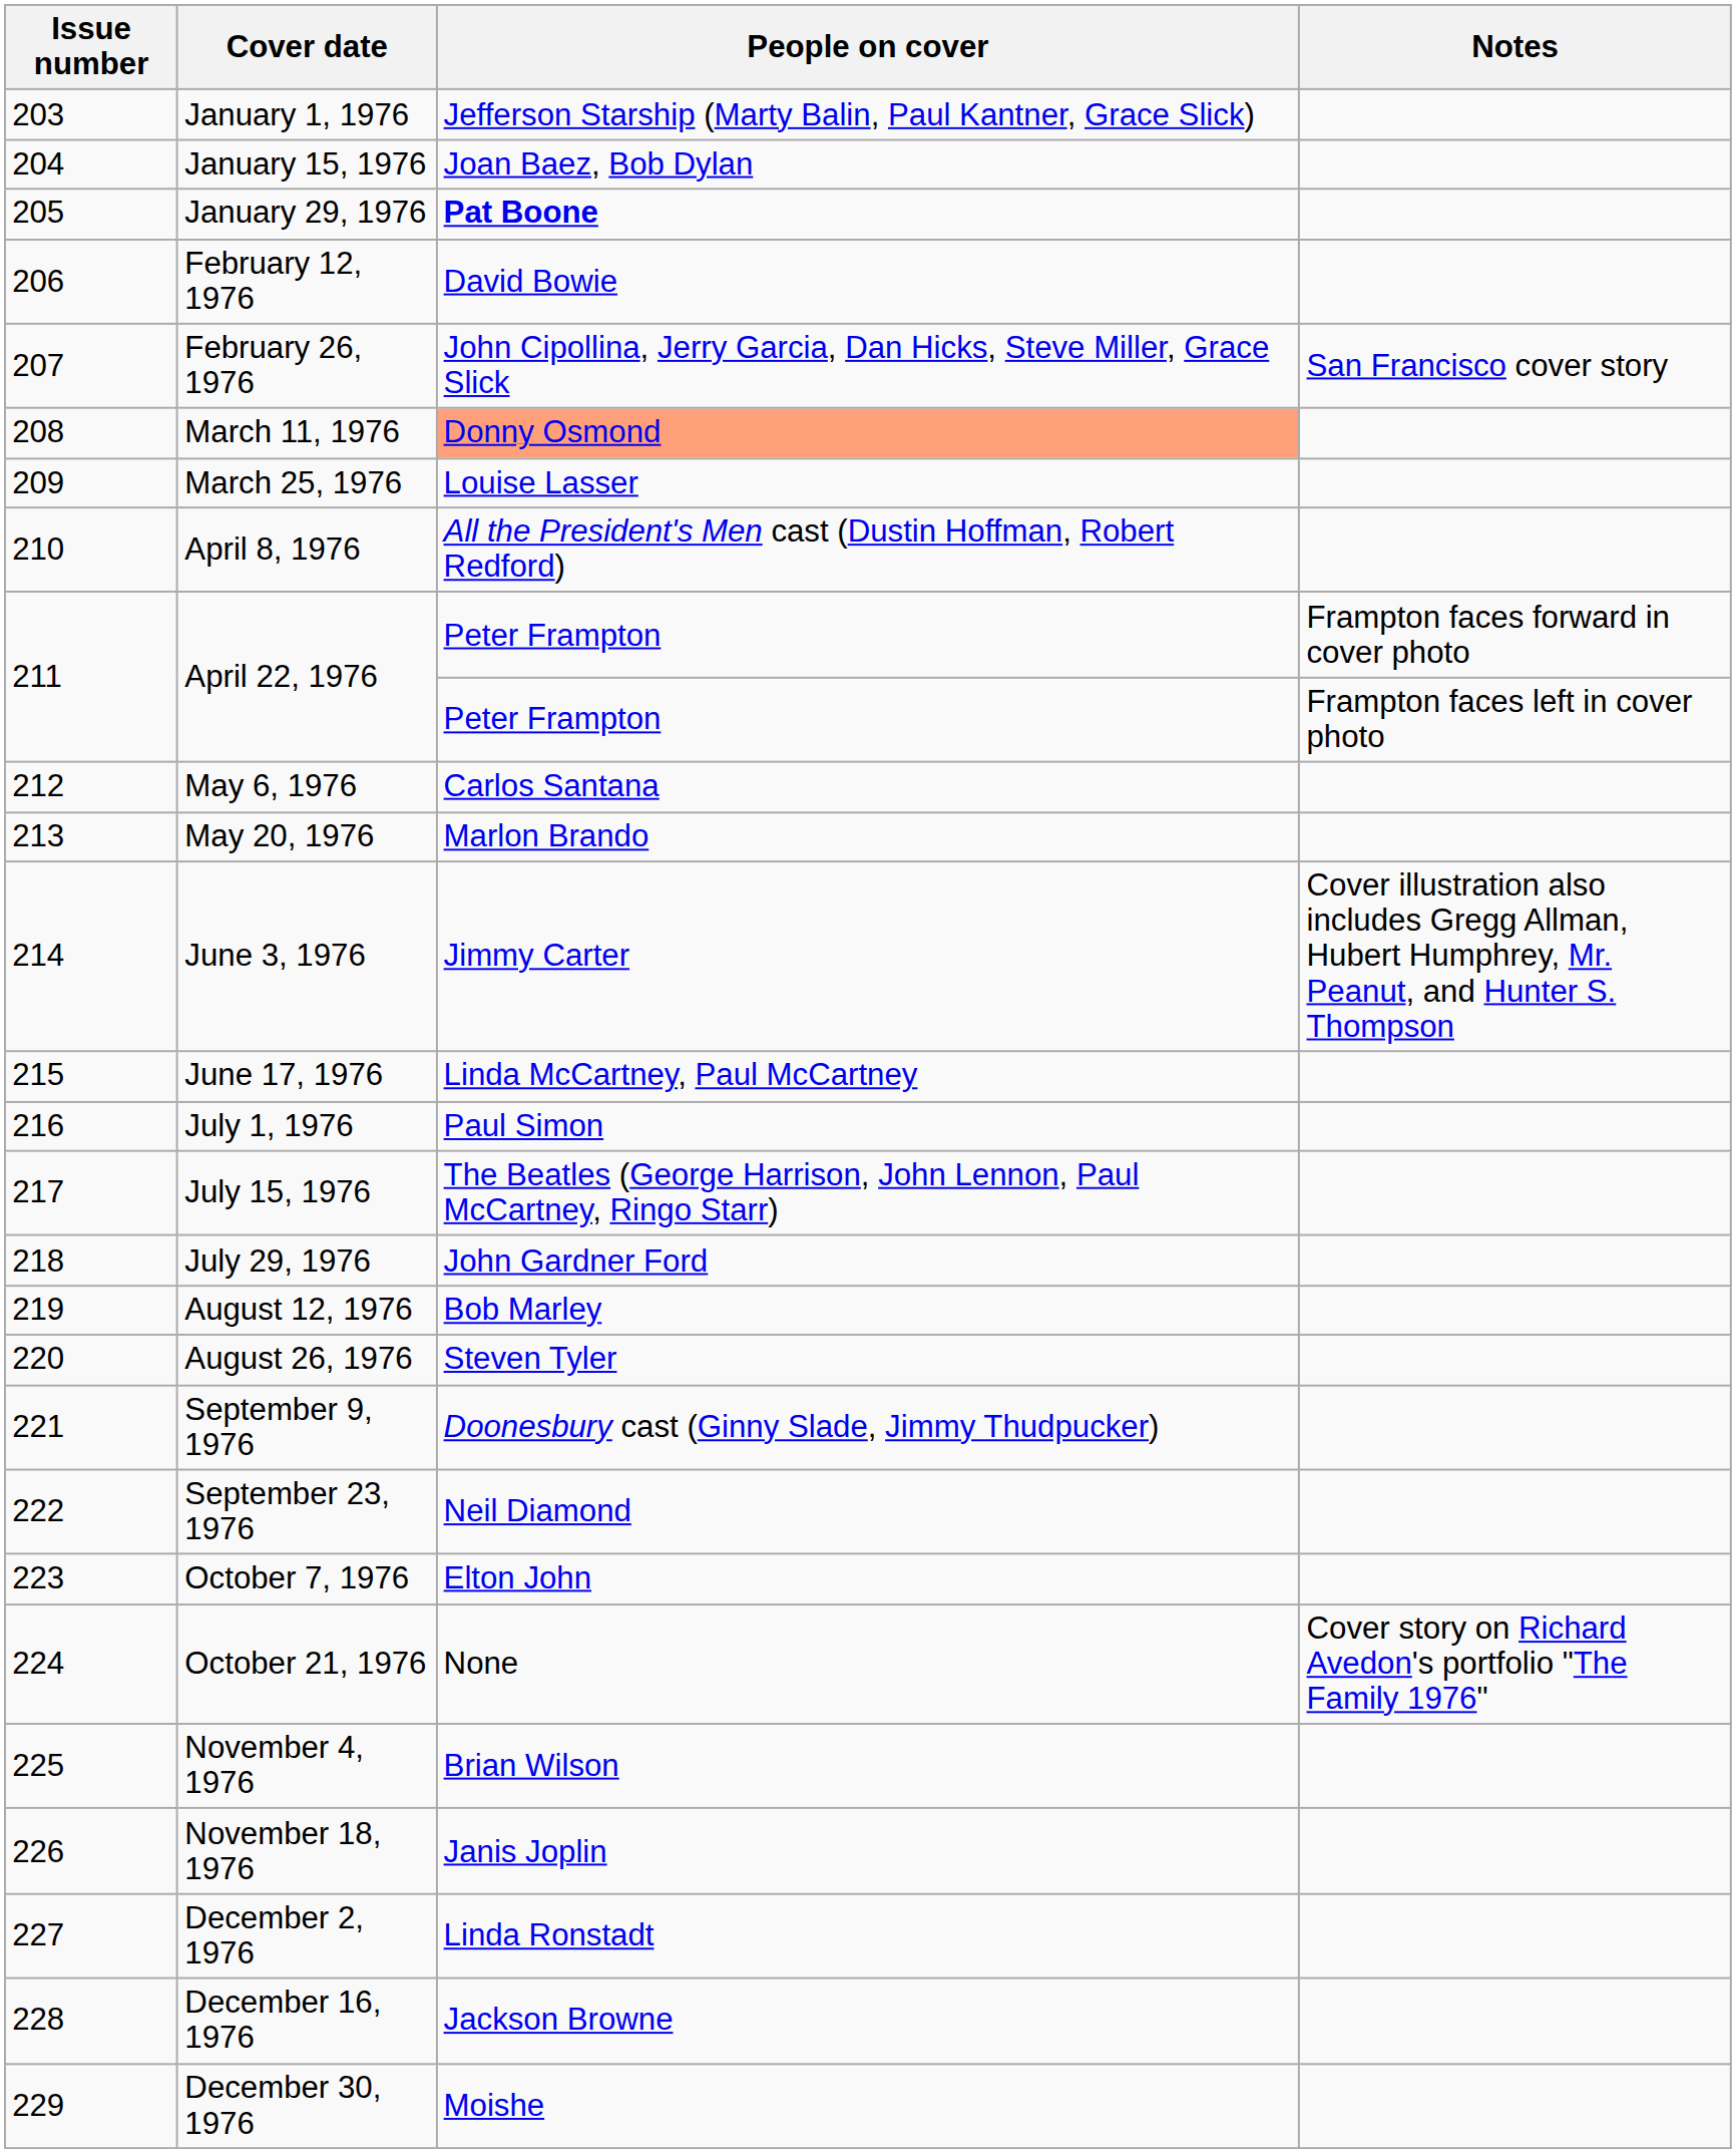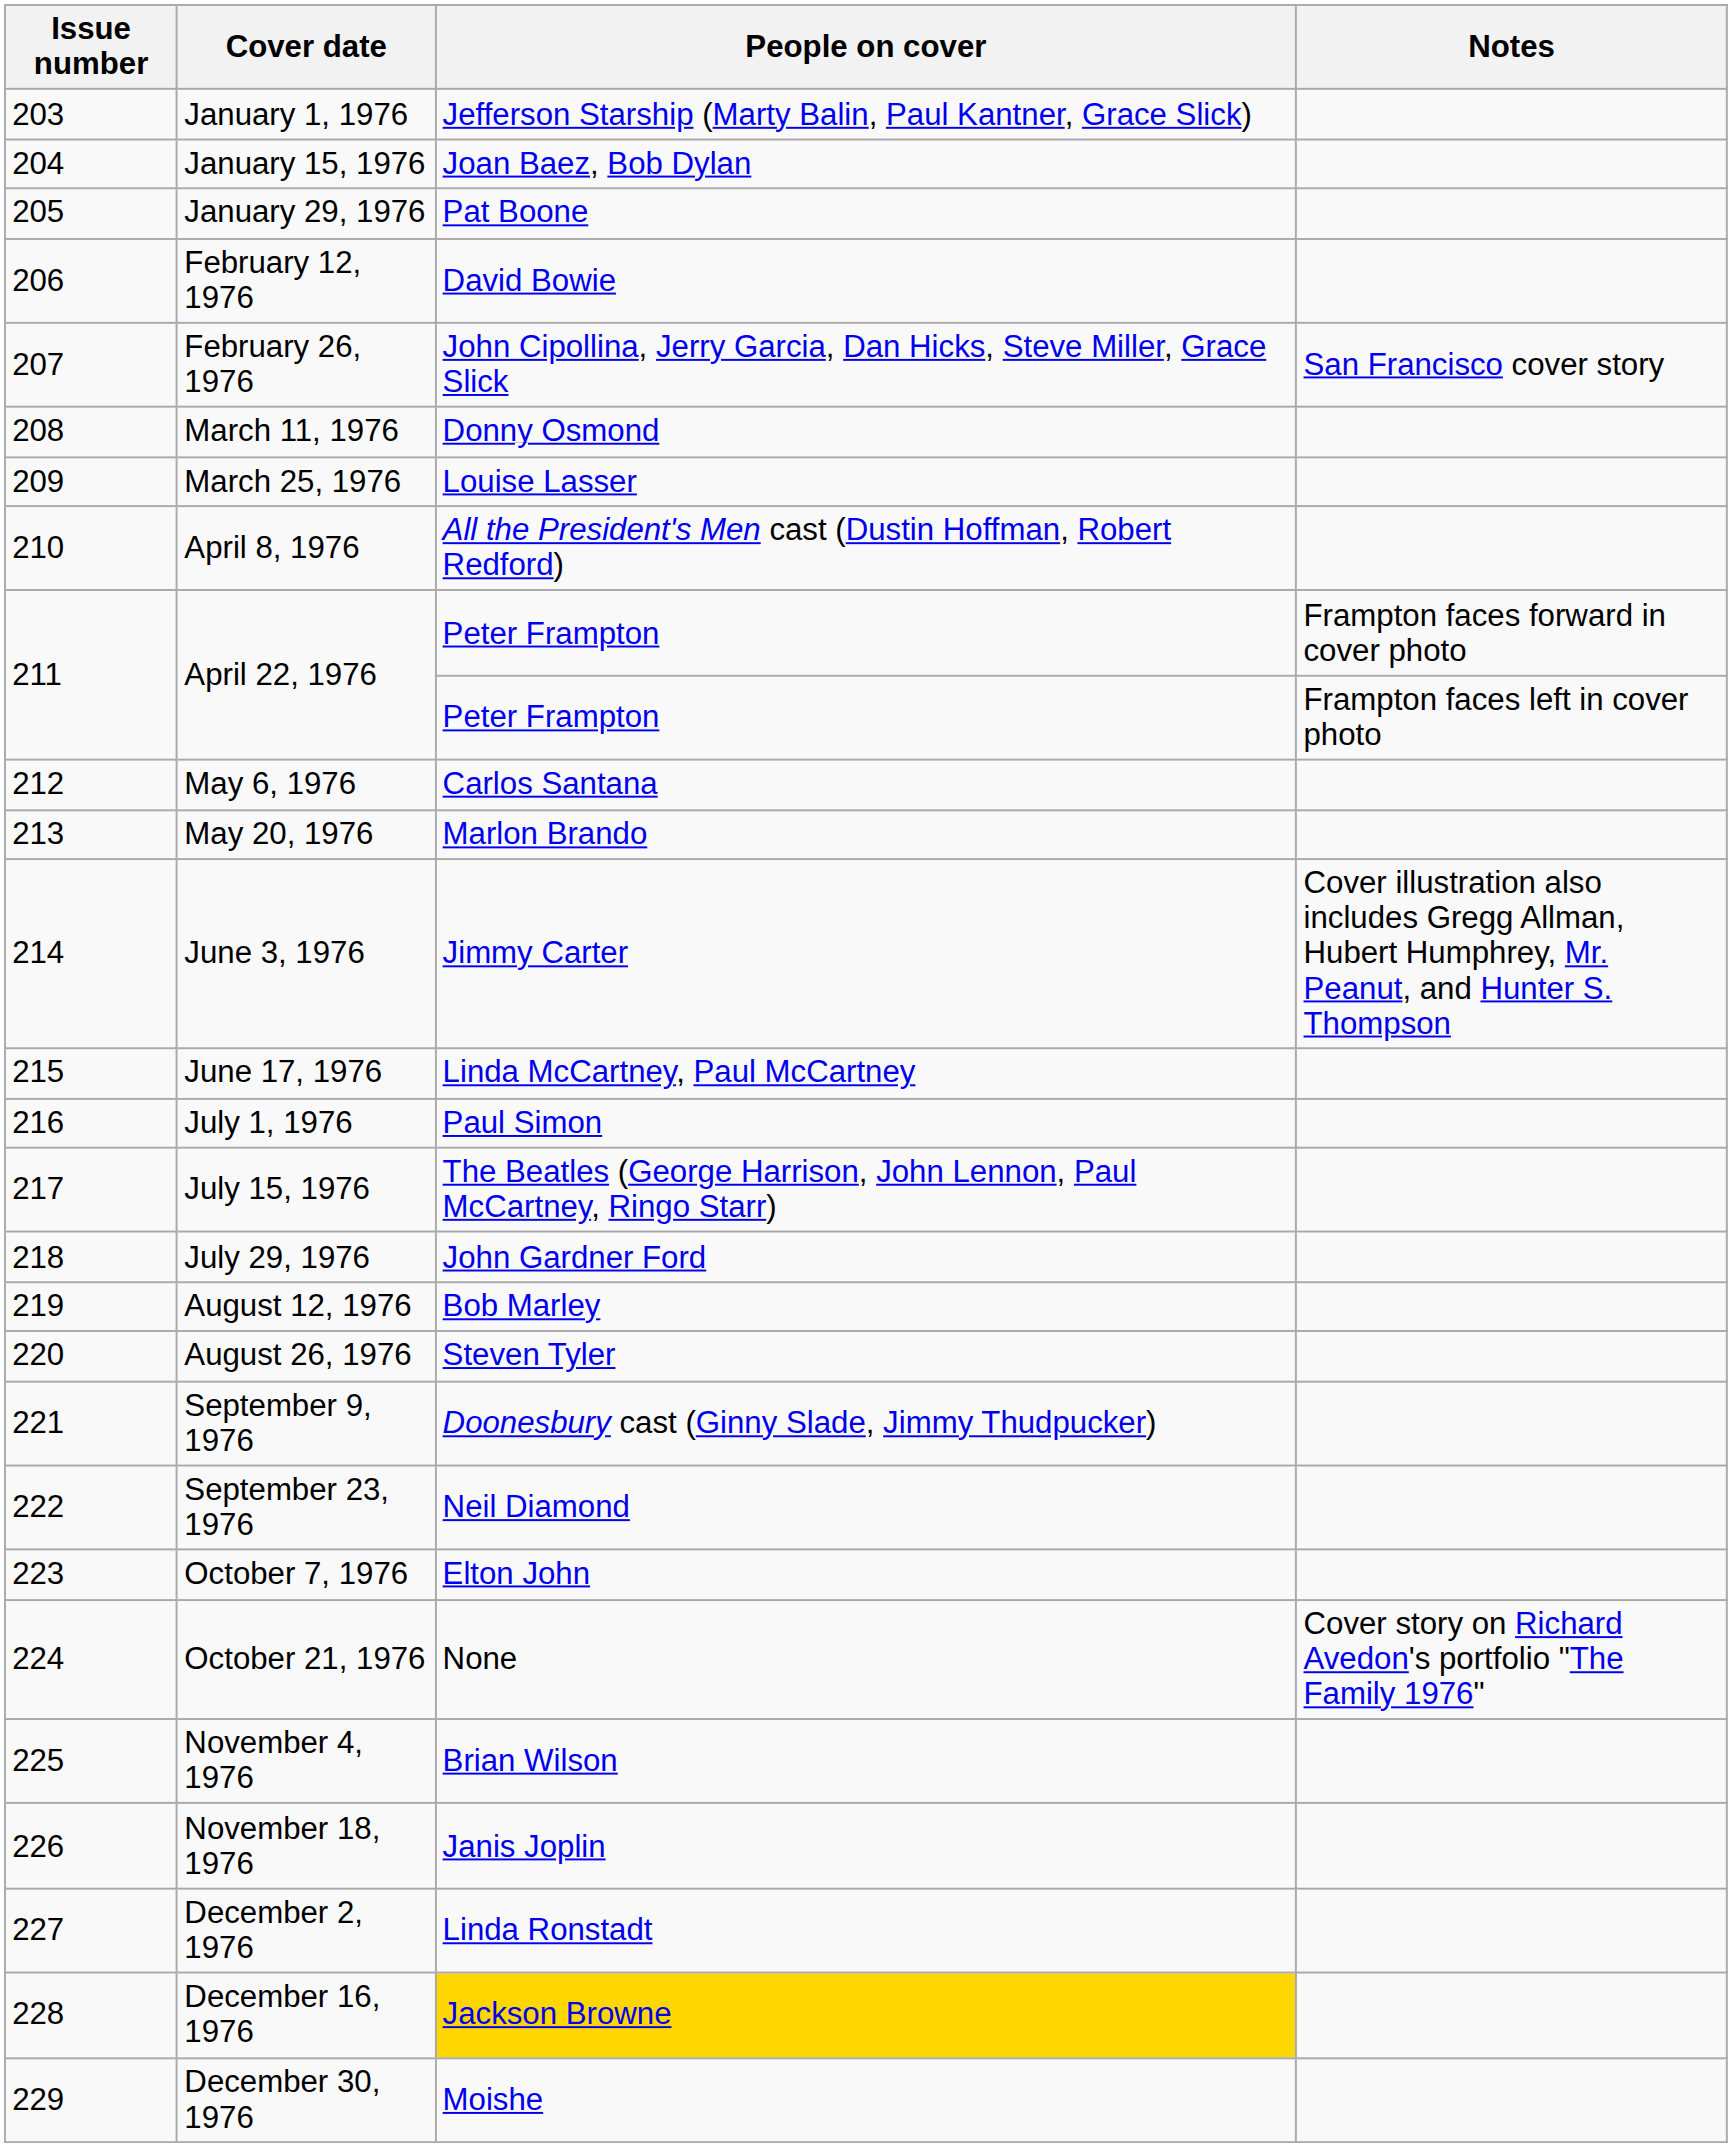 <table class="wikitable sortable" style="margin:auto;width:100%;">
 <tr style="background:#ccf;">
 <th style="width:10%;">Issue number</th>
 <th style="width:15%;">Cover date</th>
 <th style="width:50%;">People on cover</th>
 <th style="width:25%;">Notes</th>
 </tr>
 <tr>
 <td>203</td>
 <td>January 1, 1976</td>
 <td><a href='#'>Jefferson Starship</a> (<a href='#'>Marty Balin</a>, <a href='#'>Paul Kantner</a>, <a href='#'>Grace Slick</a>)</td>
 <td></td>
 </tr>
 <tr>
 <td>204</td>
 <td>January 15, 1976</td>
 <td><a href='#'>Joan Baez</a>, <a href='#'>Bob Dylan</a></td>
 <td></td>
 </tr>
 <tr>
 <td>205</td>
 <td>January 29, 1976</td>
-<td><strong><a href='#'>Pat Boone</a></strong></td>
+<td><a href='#'>Pat Boone</a></td>
 <td></td>
 </tr>
 <tr>
 <td>206</td>
 <td>February 12, 1976</td>
 <td><a href='#'>David Bowie</a></td>
 <td></td>
 </tr>
 <tr>
 <td>207</td>
 <td>February 26, 1976</td>
 <td><a href='#'>John Cipollina</a>, <a href='#'>Jerry Garcia</a>, <a href='#'>Dan Hicks</a>, <a href='#'>Steve Miller</a>, <a href='#'>Grace Slick</a></td>
 <td><a href='#'>San Francisco</a> cover story</td>
 </tr>
 <tr>
 <td>208</td>
 <td>March 11, 1976</td>
-<td style="background: lightsalmon;"><a href='#'>Donny Osmond</a></td>
+<td><a href='#'>Donny Osmond</a></td>
 <td></td>
 </tr>
 <tr>
 <td>209</td>
 <td>March 25, 1976</td>
 <td><a href='#'>Louise Lasser</a></td>
 <td></td>
 </tr>
 <tr>
 <td>210</td>
 <td>April 8, 1976</td>
 <td><em><a href='#'>All the President's Men</a></em> cast (<a href='#'>Dustin Hoffman</a>, <a href='#'>Robert Redford</a>)</td>
 <td></td>
 </tr>
 <tr>
 <td rowspan="2">211</td>
 <td rowspan="2">April 22, 1976</td>
 <td><a href='#'>Peter Frampton</a></td>
 <td>Frampton faces forward in cover photo</td>
 </tr>
 <tr>
 <td><a href='#'>Peter Frampton</a></td>
 <td>Frampton faces left in cover photo</td>
 </tr>
 <tr>
 <td>212</td>
 <td>May 6, 1976</td>
 <td><a href='#'>Carlos Santana</a></td>
 <td></td>
 </tr>
 <tr>
 <td>213</td>
 <td>May 20, 1976</td>
 <td><a href='#'>Marlon Brando</a></td>
 <td></td>
 </tr>
 <tr>
 <td>214</td>
 <td>June 3, 1976</td>
 <td><a href='#'>Jimmy Carter</a></td>
 <td>Cover illustration also includes Gregg Allman, Hubert Humphrey, <a href='#'>Mr. Peanut</a>, and <a href='#'>Hunter S. Thompson</a></td>
 </tr>
 <tr>
 <td>215</td>
 <td>June 17, 1976</td>
 <td><a href='#'>Linda McCartney</a>, <a href='#'>Paul McCartney</a></td>
 <td></td>
 </tr>
 <tr>
 <td>216</td>
 <td>July 1, 1976</td>
 <td><a href='#'>Paul Simon</a></td>
 <td></td>
 </tr>
 <tr>
 <td>217</td>
 <td>July 15, 1976</td>
 <td><a href='#'>The Beatles</a> (<a href='#'>George Harrison</a>, <a href='#'>John Lennon</a>, <a href='#'>Paul McCartney</a>, <a href='#'>Ringo Starr</a>)</td>
 <td></td>
 </tr>
 <tr>
 <td>218</td>
 <td>July 29, 1976</td>
 <td><a href='#'>John Gardner Ford</a></td>
 <td></td>
 </tr>
 <tr>
 <td>219</td>
 <td>August 12, 1976</td>
 <td><a href='#'>Bob Marley</a></td>
 <td></td>
 </tr>
 <tr>
 <td>220</td>
 <td>August 26, 1976</td>
 <td><a href='#'>Steven Tyler</a></td>
 <td></td>
 </tr>
 <tr>
 <td>221</td>
 <td>September 9, 1976</td>
 <td><em><a href='#'>Doonesbury</a></em> cast (<a href='#'>Ginny Slade</a>, <a href='#'>Jimmy Thudpucker</a>)</td>
 <td></td>
 </tr>
 <tr>
 <td>222</td>
 <td>September 23, 1976</td>
 <td><a href='#'>Neil Diamond</a></td>
 <td></td>
 </tr>
 <tr>
 <td>223</td>
 <td>October 7, 1976</td>
 <td><a href='#'>Elton John</a></td>
 <td></td>
 </tr>
 <tr>
 <td>224</td>
 <td>October 21, 1976</td>
 <td>None</td>
 <td>Cover story on <a href='#'>Richard Avedon</a>'s portfolio "<a href='#'>The Family 1976</a>"</td>
 </tr>
 <tr>
 <td>225</td>
 <td>November 4, 1976</td>
 <td><a href='#'>Brian Wilson</a></td>
 <td></td>
 </tr>
 <tr>
 <td>226</td>
 <td>November 18, 1976</td>
 <td><a href='#'>Janis Joplin</a></td>
 <td></td>
 </tr>
 <tr>
 <td>227</td>
 <td>December 2, 1976</td>
 <td><a href='#'>Linda Ronstadt</a></td>
 <td></td>
 </tr>
 <tr>
 <td>228</td>
 <td>December 16, 1976</td>
-<td><a href='#'>Jackson Browne</a></td>
+<td style="background: gold;"><a href='#'>Jackson Browne</a></td>
 <td></td>
 </tr>
 <tr>
 <td>229</td>
 <td>December 30, 1976</td>
 <td><a href='#'>Moishe</a></td>
 <td></td>
 </tr>
 </table>
